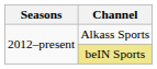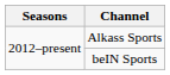 <table class="wikitable sortable" style="text-align:center; float:center; margin-left">
 <tr>
 <th>Seasons</th>
 <th>Channel</th>
 </tr>
 <tr style="font-size:100%">
 <td rowspan="2">2012–present</td>
 <td>Alkass Sports</td>
 </tr>
 <tr style="font-size: 100%">
-<td style="background: khaki;">beIN Sports</td>
+<td>beIN Sports</td>
 </tr>
 </table>
